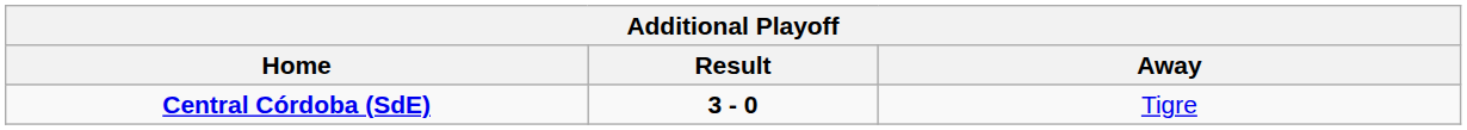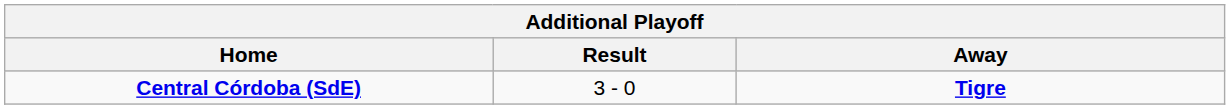 <table align=center class="wikitable collapsed" style="font-size:95%; text-align: center; width: 70%;">
 <tr>
 <th colspan=100% style="with: 100%;" align=center>Additional Playoff</th>
 </tr>
 <tr>
 <th width=30%>Home</th>
 <th width=15%>Result</th>
 <th width=30%>Away</th>
 </tr>
 <tr align=center>
 <td><strong><a href='#'>Central Córdoba (SdE)</a></strong></td>
-<td><strong>3 - 0</strong></td>
-<td><a href='#'>Tigre</a></td>
+<td>3 - 0</td>
+<td><strong><a href='#'>Tigre</a></strong></td>
 </tr>
 </table>
